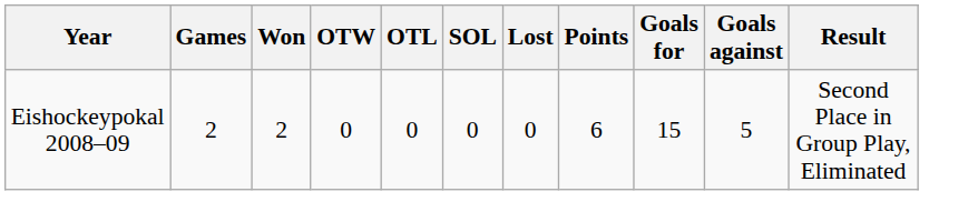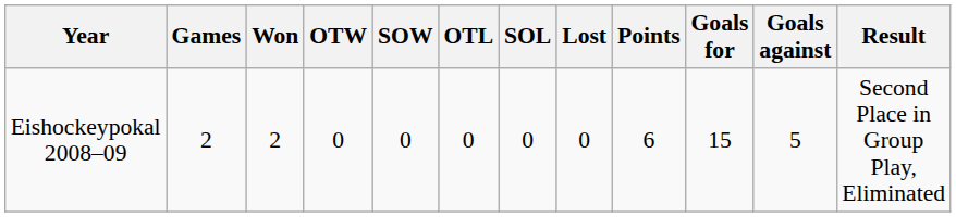 <table class="wikitable" style="text-align: center;" style="margin: 1em 1em 1em 0; background: #f9f9f9; border: 1px #aaa solid; border-collapse: collapse; width=85%">
 <tr>
 <th width=10%>Year</th>
 <th width=2%>Games</th>
 <th width=2%>Won</th>
 <th width=2%>OTW</th>
+<th width=2%>SOW</th>
 <th width=2%>OTL</th>
 <th width=2%>SOL</th>
 <th width=2%>Lost</th>
 <th width=2%>Points</th>
 <th width=2%>Goals for</th>
 <th width=2%>Goals against</th>
 <th width=15%>Result</th>
 </tr>
 <tr>
 <td>Eishockeypokal 2008–09</td>
 <td>2</td>
 <td>2</td>
 <td>0</td>
 <td>0</td>
 <td>0</td>
 <td>0</td>
+<td>0</td>
 <td>6</td>
 <td>15</td>
 <td>5</td>
 <td>Second Place in Group Play, Eliminated</td>
 </tr>
 </table>
